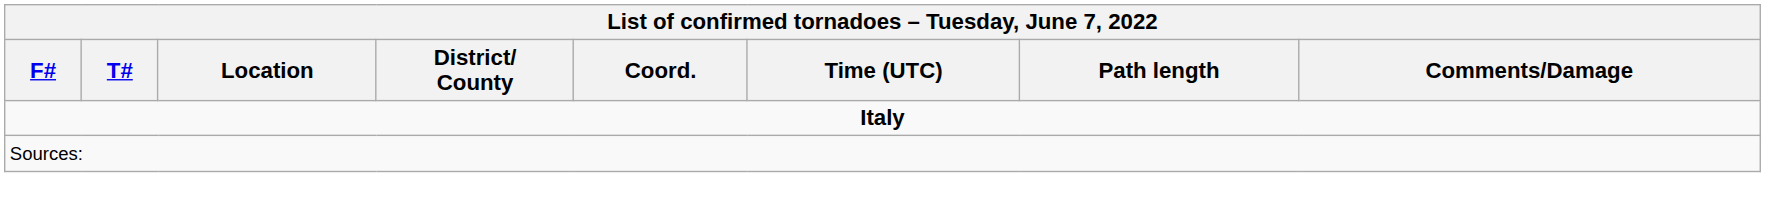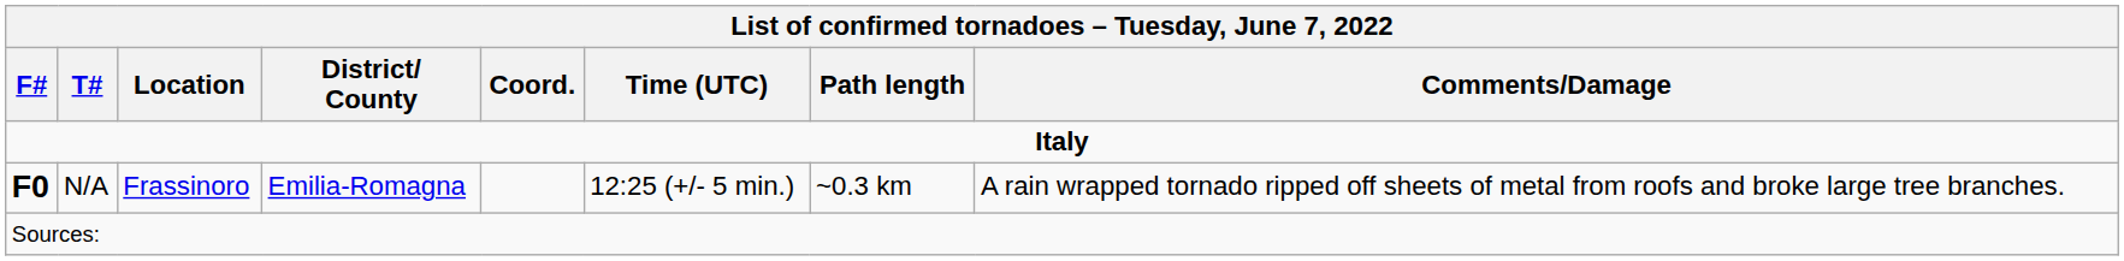 <table class="wikitable collapsible" width="100%">
 <tr>
 <th colspan="8">List of confirmed tornadoes – Tuesday, June 7, 2022</th>
 </tr>
 <tr>
 <th><a href='#'>F#</a></th>
 <th><a href='#'>T#</a></th>
 <th>Location</th>
 <th>District/<br>County</th>
 <th>Coord.</th>
 <th>Time (UTC)</th>
 <th>Path length</th>
 <th>Comments/Damage</th>
 </tr>
 <tr>
 <td colspan="8" align=center><strong>Italy</strong></td>
 </tr>
 <tr>
+<td><big><strong>F0</strong></big></td>
+<td>N/A</td>
+<td><a href='#'>Frassinoro</a></td>
+<td><a href='#'>Emilia-Romagna</a></td>
+<td></td>
+<td>12:25 (+/- 5 min.)</td>
+<td>~0.3 km</td>
+<td>A rain wrapped tornado ripped off sheets of metal from roofs and broke large tree branches.</td>
+</tr>
+<tr>
 <td colspan="8"><small>Sources:  </small></td>
 </tr>
 </table>
